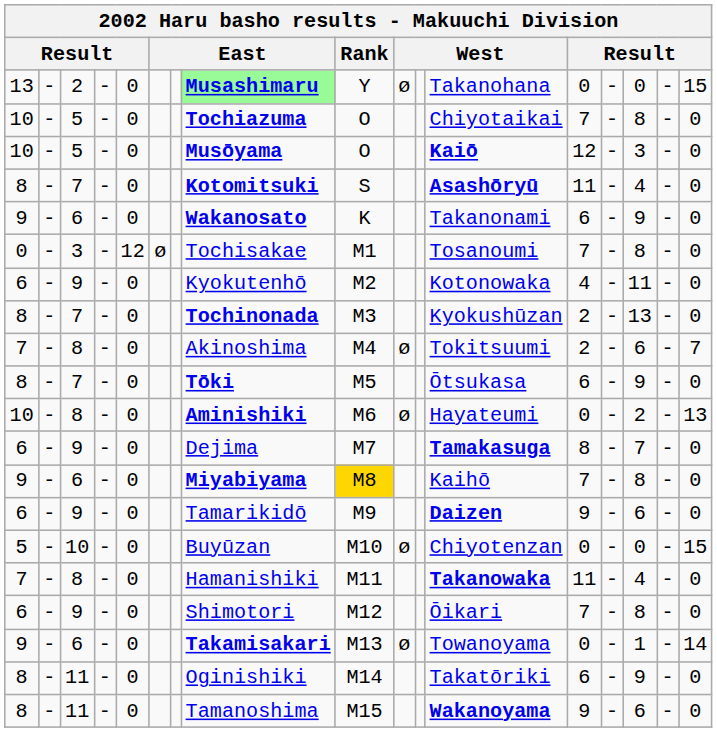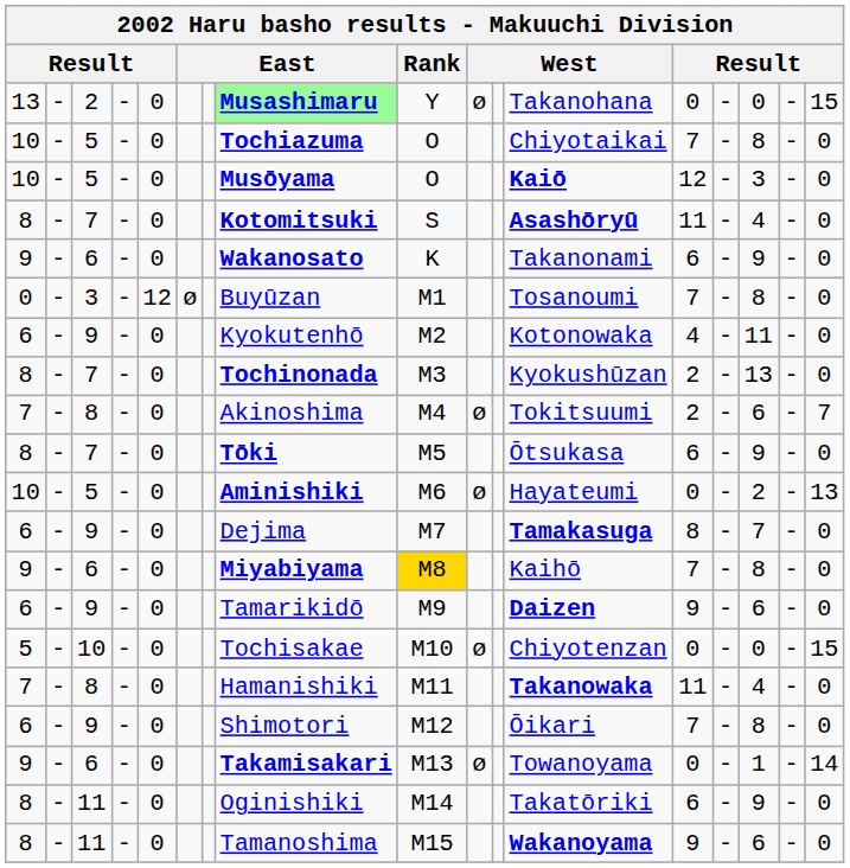 <table class="wikitable">
 <tr>
 <th colspan="17">2002 Haru basho results - Makuuchi Division</th>
 </tr>
 <tr>
 <th colspan="5">Result</th>
 <th colspan="3">East</th>
 <th>Rank</th>
 <th colspan="3">West</th>
 <th colspan="5">Result</th>
 </tr>
 <tr>
 <td align=center>13</td>
 <td align=center>-</td>
 <td align=center>2</td>
 <td align=center>-</td>
 <td align=center>0</td>
 <td align=center></td>
 <td align=center></td>
 <td style="background: PaleGreen;"><strong><a href='#'>Musashimaru</a></strong></td>
 <td align=center>Y</td>
 <td align=center>ø</td>
 <td align=center></td>
 <td><a href='#'>Takanohana</a></td>
 <td align=center>0</td>
 <td align=center>-</td>
 <td align=center>0</td>
 <td align=center>-</td>
 <td align=center>15</td>
 </tr>
 <tr>
 <td align=center>10</td>
 <td align=center>-</td>
 <td align=center>5</td>
 <td align=center>-</td>
 <td align=center>0</td>
 <td align=center></td>
 <td align=center></td>
 <td><strong><a href='#'>Tochiazuma</a></strong></td>
 <td align=center>O</td>
 <td align=center></td>
 <td align=center></td>
 <td><a href='#'>Chiyotaikai</a></td>
 <td align=center>7</td>
 <td align=center>-</td>
 <td align=center>8</td>
 <td align=center>-</td>
 <td align=center>0</td>
 </tr>
 <tr>
 <td align=center>10</td>
 <td align=center>-</td>
 <td align=center>5</td>
 <td align=center>-</td>
 <td align=center>0</td>
 <td align=center></td>
 <td align=center></td>
 <td><strong><a href='#'>Musōyama</a></strong></td>
 <td align=center>O</td>
 <td align=center></td>
 <td align=center></td>
 <td><strong><a href='#'>Kaiō</a></strong></td>
 <td align=center>12</td>
 <td align=center>-</td>
 <td align=center>3</td>
 <td align=center>-</td>
 <td align=center>0</td>
 </tr>
 <tr>
 <td align=center>8</td>
 <td align=center>-</td>
 <td align=center>7</td>
 <td align=center>-</td>
 <td align=center>0</td>
 <td align=center></td>
 <td align=center></td>
 <td><strong><a href='#'>Kotomitsuki</a></strong></td>
 <td align=center>S</td>
 <td align=center></td>
 <td align=center></td>
 <td><strong><a href='#'>Asashōryū</a></strong></td>
 <td align=center>11</td>
 <td align=center>-</td>
 <td align=center>4</td>
 <td align=center>-</td>
 <td align=center>0</td>
 </tr>
 <tr>
 <td align=center>9</td>
 <td align=center>-</td>
 <td align=center>6</td>
 <td align=center>-</td>
 <td align=center>0</td>
 <td align=center></td>
 <td align=center></td>
 <td><strong><a href='#'>Wakanosato</a></strong></td>
 <td align=center>K</td>
 <td align=center></td>
 <td align=center></td>
 <td><a href='#'>Takanonami</a></td>
 <td align=center>6</td>
 <td align=center>-</td>
 <td align=center>9</td>
 <td align=center>-</td>
 <td align=center>0</td>
 </tr>
 <tr>
 <td align=center>0</td>
 <td align=center>-</td>
 <td align=center>3</td>
 <td align=center>-</td>
 <td align=center>12</td>
 <td align=center>ø</td>
 <td align=center></td>
-<td><a href='#'>Tochisakae</a></td>
+<td><a href='#'>Buyūzan</a></td>
 <td align=center>M1</td>
 <td align=center></td>
 <td align=center></td>
 <td><a href='#'>Tosanoumi</a></td>
 <td align=center>7</td>
 <td align=center>-</td>
 <td align=center>8</td>
 <td align=center>-</td>
 <td align=center>0</td>
 </tr>
 <tr>
 <td align=center>6</td>
 <td align=center>-</td>
 <td align=center>9</td>
 <td align=center>-</td>
 <td align=center>0</td>
 <td align=center></td>
 <td align=center></td>
 <td><a href='#'>Kyokutenhō</a></td>
 <td align=center>M2</td>
 <td align=center></td>
 <td align=center></td>
 <td><a href='#'>Kotonowaka</a></td>
 <td align=center>4</td>
 <td align=center>-</td>
 <td align=center>11</td>
 <td align=center>-</td>
 <td align=center>0</td>
 </tr>
 <tr>
 <td align=center>8</td>
 <td align=center>-</td>
 <td align=center>7</td>
 <td align=center>-</td>
 <td align=center>0</td>
 <td align=center></td>
 <td align=center></td>
 <td><strong><a href='#'>Tochinonada</a></strong></td>
 <td align=center>M3</td>
 <td align=center></td>
 <td align=center></td>
 <td><a href='#'>Kyokushūzan</a></td>
 <td align=center>2</td>
 <td align=center>-</td>
 <td align=center>13</td>
 <td align=center>-</td>
 <td align=center>0</td>
 </tr>
 <tr>
 <td align=center>7</td>
 <td align=center>-</td>
 <td align=center>8</td>
 <td align=center>-</td>
 <td align=center>0</td>
 <td align=center></td>
 <td align=center></td>
 <td><a href='#'>Akinoshima</a></td>
 <td align=center>M4</td>
 <td align=center>ø</td>
 <td align=center></td>
 <td><a href='#'>Tokitsuumi</a></td>
 <td align=center>2</td>
 <td align=center>-</td>
 <td align=center>6</td>
 <td align=center>-</td>
 <td align=center>7</td>
 </tr>
 <tr>
 <td align=center>8</td>
 <td align=center>-</td>
 <td align=center>7</td>
 <td align=center>-</td>
 <td align=center>0</td>
 <td align=center></td>
 <td align=center></td>
 <td><strong><a href='#'>Tōki</a></strong></td>
 <td align=center>M5</td>
 <td align=center></td>
 <td align=center></td>
 <td><a href='#'>Ōtsukasa</a></td>
 <td align=center>6</td>
 <td align=center>-</td>
 <td align=center>9</td>
 <td align=center>-</td>
 <td align=center>0</td>
 </tr>
 <tr>
 <td align=center>10</td>
 <td align=center>-</td>
-<td align=center>8</td>
+<td align=center>5</td>
 <td align=center>-</td>
 <td align=center>0</td>
 <td align=center></td>
 <td align=center></td>
 <td><strong><a href='#'>Aminishiki</a></strong></td>
 <td align=center>M6</td>
 <td align=center>ø</td>
 <td align=center></td>
 <td><a href='#'>Hayateumi</a></td>
 <td align=center>0</td>
 <td align=center>-</td>
 <td align=center>2</td>
 <td align=center>-</td>
 <td align=center>13</td>
 </tr>
 <tr>
 <td align=center>6</td>
 <td align=center>-</td>
 <td align=center>9</td>
 <td align=center>-</td>
 <td align=center>0</td>
 <td align=center></td>
 <td align=center></td>
 <td><a href='#'>Dejima</a></td>
 <td align=center>M7</td>
 <td align=center></td>
 <td align=center></td>
 <td><strong><a href='#'>Tamakasuga</a></strong></td>
 <td align=center>8</td>
 <td align=center>-</td>
 <td align=center>7</td>
 <td align=center>-</td>
 <td align=center>0</td>
 </tr>
 <tr>
 <td align=center>9</td>
 <td align=center>-</td>
 <td align=center>6</td>
 <td align=center>-</td>
 <td align=center>0</td>
 <td align=center></td>
 <td align=center></td>
 <td><strong><a href='#'>Miyabiyama</a></strong></td>
 <td align=center style="background: gold;">M8</td>
 <td align=center></td>
 <td align=center></td>
 <td><a href='#'>Kaihō</a></td>
 <td align=center>7</td>
 <td align=center>-</td>
 <td align=center>8</td>
 <td align=center>-</td>
 <td align=center>0</td>
 </tr>
 <tr>
 <td align=center>6</td>
 <td align=center>-</td>
 <td align=center>9</td>
 <td align=center>-</td>
 <td align=center>0</td>
 <td align=center></td>
 <td align=center></td>
 <td><a href='#'>Tamarikidō</a></td>
 <td align=center>M9</td>
 <td align=center></td>
 <td align=center></td>
 <td><strong><a href='#'>Daizen</a></strong></td>
 <td align=center>9</td>
 <td align=center>-</td>
 <td align=center>6</td>
 <td align=center>-</td>
 <td align=center>0</td>
 </tr>
 <tr>
 <td align=center>5</td>
 <td align=center>-</td>
 <td align=center>10</td>
 <td align=center>-</td>
 <td align=center>0</td>
 <td align=center></td>
 <td align=center></td>
-<td><a href='#'>Buyūzan</a></td>
+<td><a href='#'>Tochisakae</a></td>
 <td align=center>M10</td>
 <td align=center>ø</td>
 <td align=center></td>
 <td><a href='#'>Chiyotenzan</a></td>
 <td align=center>0</td>
 <td align=center>-</td>
 <td align=center>0</td>
 <td align=center>-</td>
 <td align=center>15</td>
 </tr>
 <tr>
 <td align=center>7</td>
 <td align=center>-</td>
 <td align=center>8</td>
 <td align=center>-</td>
 <td align=center>0</td>
 <td align=center></td>
 <td align=center></td>
 <td><a href='#'>Hamanishiki</a></td>
 <td align=center>M11</td>
 <td align=center></td>
 <td align=center></td>
 <td><strong><a href='#'>Takanowaka</a></strong></td>
 <td align=center>11</td>
 <td align=center>-</td>
 <td align=center>4</td>
 <td align=center>-</td>
 <td align=center>0</td>
 </tr>
 <tr>
 <td align=center>6</td>
 <td align=center>-</td>
 <td align=center>9</td>
 <td align=center>-</td>
 <td align=center>0</td>
 <td align=center></td>
 <td align=center></td>
 <td><a href='#'>Shimotori</a></td>
 <td align=center>M12</td>
 <td align=center></td>
 <td align=center></td>
 <td><a href='#'>Ōikari</a></td>
 <td align=center>7</td>
 <td align=center>-</td>
 <td align=center>8</td>
 <td align=center>-</td>
 <td align=center>0</td>
 </tr>
 <tr>
 <td align=center>9</td>
 <td align=center>-</td>
 <td align=center>6</td>
 <td align=center>-</td>
 <td align=center>0</td>
 <td align=center></td>
 <td align=center></td>
 <td><strong><a href='#'>Takamisakari</a></strong></td>
 <td align=center>M13</td>
 <td align=center>ø</td>
 <td align=center></td>
 <td><a href='#'>Towanoyama</a></td>
 <td align=center>0</td>
 <td align=center>-</td>
 <td align=center>1</td>
 <td align=center>-</td>
 <td align=center>14</td>
 </tr>
 <tr>
 <td align=center>8</td>
 <td align=center>-</td>
 <td align=center>11</td>
 <td align=center>-</td>
 <td align=center>0</td>
 <td align=center></td>
 <td align=center></td>
 <td><a href='#'>Oginishiki</a></td>
 <td align=center>M14</td>
 <td align=center></td>
 <td align=center></td>
 <td><a href='#'>Takatōriki</a></td>
 <td align=center>6</td>
 <td align=center>-</td>
 <td align=center>9</td>
 <td align=center>-</td>
 <td align=center>0</td>
 </tr>
 <tr>
 <td align=center>8</td>
 <td align=center>-</td>
 <td align=center>11</td>
 <td align=center>-</td>
 <td align=center>0</td>
 <td align=center></td>
 <td align=center></td>
 <td><a href='#'>Tamanoshima</a></td>
 <td align=center>M15</td>
 <td align=center></td>
 <td align=center></td>
 <td><strong><a href='#'>Wakanoyama</a></strong></td>
 <td align=center>9</td>
 <td align=center>-</td>
 <td align=center>6</td>
 <td align=center>-</td>
 <td align=center>0</td>
 </tr>
 </table>
